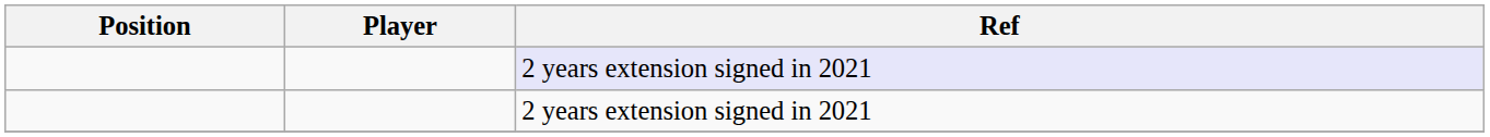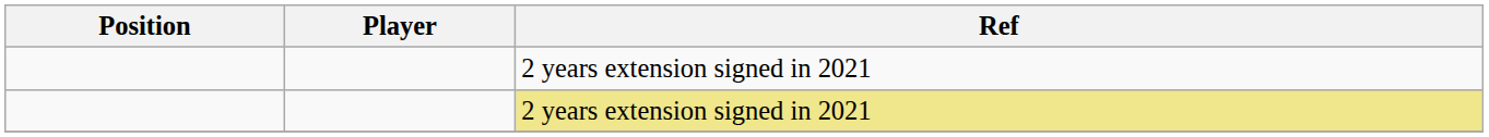 <table class="wikitable sortable" style="width:70%; text-align:center; font-size:100%; text-align:left;">
 <tr>
 <th><strong>Position</strong></th>
 <th><strong>Player</strong></th>
 <th><strong>Ref</strong></th>
 </tr>
 <tr>
 <td></td>
 <td></td>
-<td style="background: lavender;">2 years extension signed in 2021</td>
+<td>2 years extension signed in 2021</td>
 </tr>
 <tr>
 <td></td>
 <td></td>
-<td>2 years extension signed in 2021</td>
+<td style="background: khaki;">2 years extension signed in 2021</td>
 </tr>
 <tr>
 </tr>
 </table>
